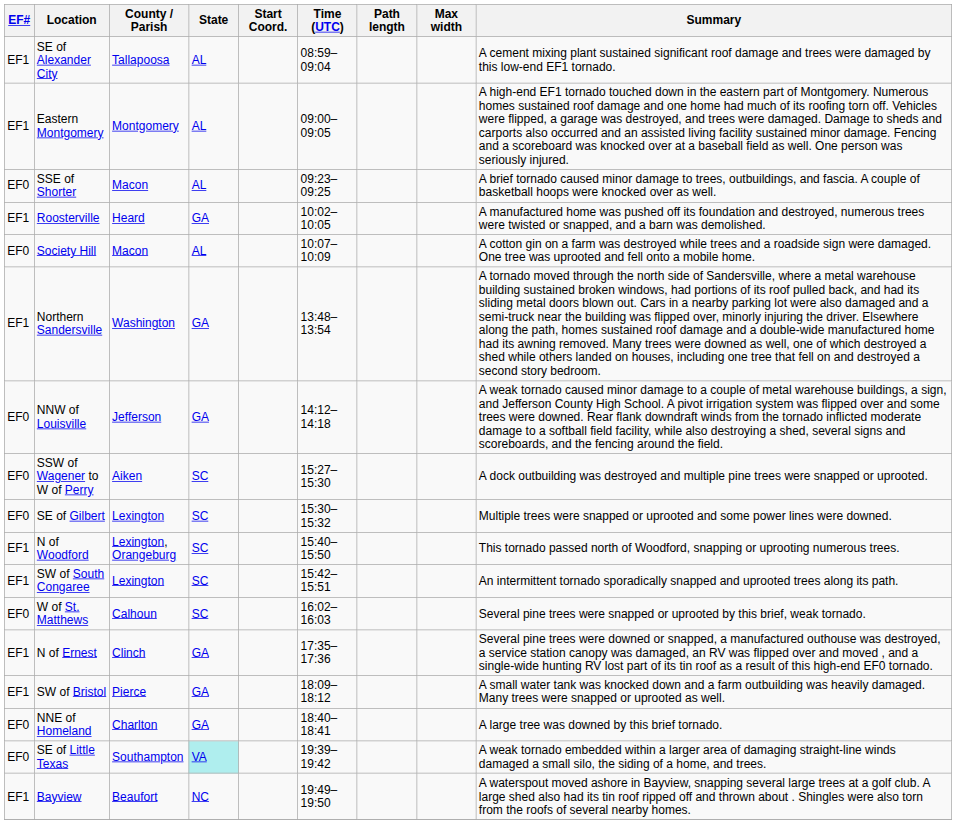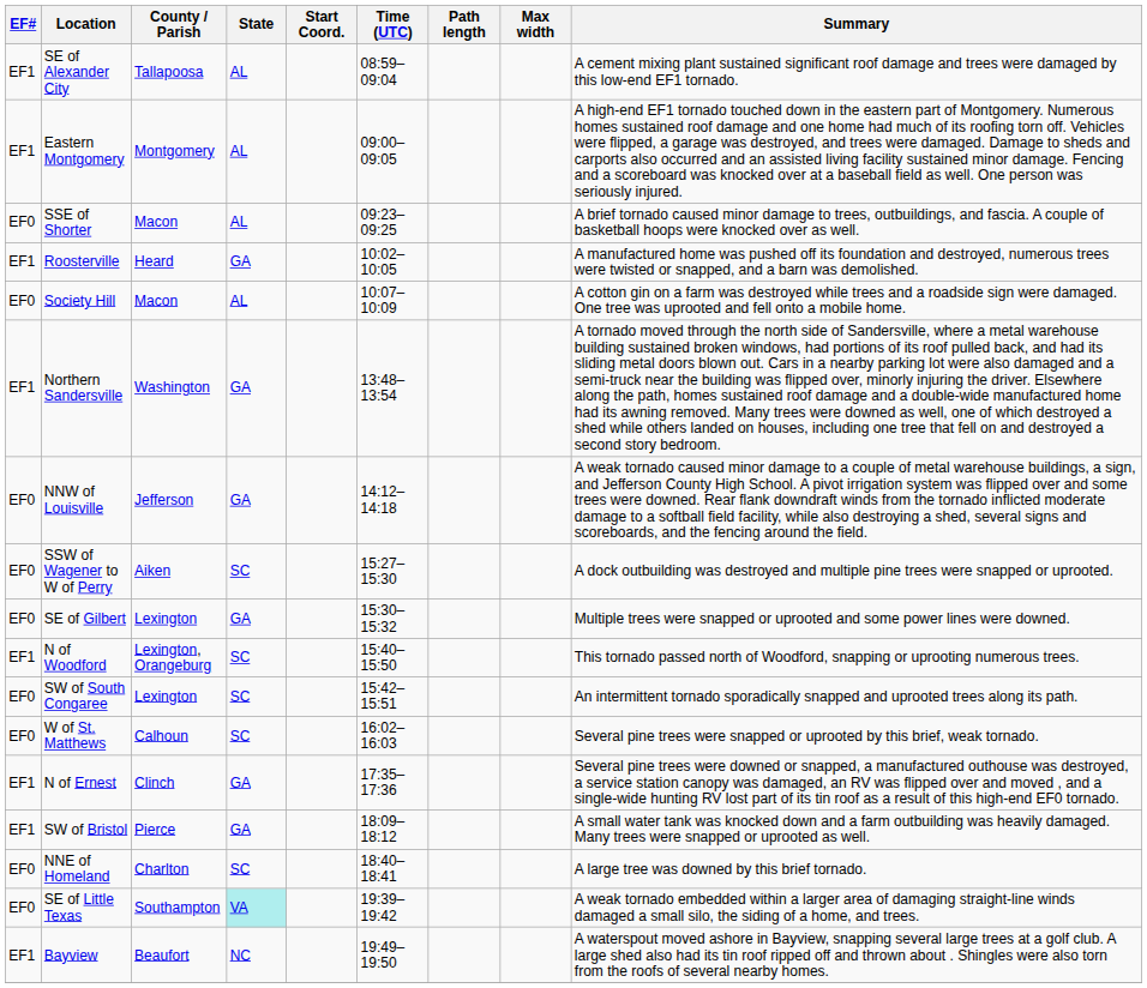 <table class="wikitable sortable" style="width:100%;">
 <tr>
 <th scope="col"  style="width:3%; text-align:center;"><a href='#'>EF#</a></th>
 <th scope="col"  style="width:7%; text-align:center;" class="unsortable">Location</th>
 <th scope="col"  style="width:6%; text-align:center;" class="unsortable">County / Parish</th>
 <th scope="col"  style="width:5%; text-align:center;">State</th>
 <th scope="col"  style="width:6%; text-align:center;">Start Coord.</th>
 <th scope="col"  style="width:6%; text-align:center;">Time (<a href='#'>UTC</a>)</th>
 <th scope="col"  style="width:6%; text-align:center;">Path length</th>
 <th scope="col"  style="width:6%; text-align:center;">Max width</th>
 <th scope="col" class="unsortable" style="width:48%; text-align:center;">Summary</th>
 </tr>
 <tr>
 <td>EF1</td>
 <td>SE of <a href='#'>Alexander City</a></td>
 <td><a href='#'>Tallapoosa</a></td>
 <td><a href='#'>AL</a></td>
 <td></td>
 <td>08:59–09:04</td>
 <td></td>
 <td></td>
 <td>A cement mixing plant sustained significant roof damage and trees were damaged by this low-end EF1 tornado.</td>
 </tr>
 <tr>
 <td>EF1</td>
 <td>Eastern <a href='#'>Montgomery</a></td>
 <td><a href='#'>Montgomery</a></td>
 <td><a href='#'>AL</a></td>
 <td></td>
 <td>09:00–09:05</td>
 <td></td>
 <td></td>
 <td>A high-end EF1 tornado touched down in the eastern part of Montgomery. Numerous homes sustained roof damage and one home had much of its roofing torn off. Vehicles were flipped, a garage was destroyed, and trees were damaged. Damage to sheds and carports also occurred and an assisted living facility sustained minor damage. Fencing and a scoreboard was knocked over at a baseball field as well. One person was seriously injured.</td>
 </tr>
 <tr>
 <td>EF0</td>
 <td>SSE of <a href='#'>Shorter</a></td>
 <td><a href='#'>Macon</a></td>
 <td><a href='#'>AL</a></td>
 <td></td>
 <td>09:23–09:25</td>
 <td></td>
 <td></td>
 <td>A brief tornado caused minor damage to trees, outbuildings, and fascia. A couple of basketball hoops were knocked over as well.</td>
 </tr>
 <tr>
 <td>EF1</td>
 <td><a href='#'>Roosterville</a></td>
 <td><a href='#'>Heard</a></td>
 <td><a href='#'>GA</a></td>
 <td></td>
 <td>10:02–10:05</td>
 <td></td>
 <td></td>
 <td>A manufactured home was pushed off its foundation and destroyed, numerous trees were twisted or snapped, and a barn was demolished.</td>
 </tr>
 <tr>
 <td>EF0</td>
 <td><a href='#'>Society Hill</a></td>
 <td><a href='#'>Macon</a></td>
 <td><a href='#'>AL</a></td>
 <td></td>
 <td>10:07–10:09</td>
 <td></td>
 <td></td>
 <td>A cotton gin on a farm was destroyed while trees and a roadside sign were damaged. One tree was uprooted and fell onto a mobile home.</td>
 </tr>
 <tr>
 <td>EF1</td>
 <td>Northern <a href='#'>Sandersville</a></td>
 <td><a href='#'>Washington</a></td>
 <td><a href='#'>GA</a></td>
 <td></td>
 <td>13:48–13:54</td>
 <td></td>
 <td></td>
 <td>A tornado moved through the north side of Sandersville, where a metal warehouse building sustained broken windows, had portions of its roof pulled back, and had its sliding metal doors blown out. Cars in a nearby parking lot were also damaged and a semi-truck near the building was flipped over, minorly injuring the driver. Elsewhere along the path, homes sustained roof damage and a double-wide manufactured home had its awning removed. Many trees were downed as well, one of which destroyed a shed while others landed on houses, including one tree that fell on and destroyed a second story bedroom.</td>
 </tr>
 <tr>
 <td>EF0</td>
 <td>NNW of <a href='#'>Louisville</a></td>
 <td><a href='#'>Jefferson</a></td>
 <td><a href='#'>GA</a></td>
 <td></td>
 <td>14:12–14:18</td>
 <td></td>
 <td></td>
 <td>A weak tornado caused minor damage to a couple of metal warehouse buildings, a sign, and Jefferson County High School. A pivot irrigation system was flipped over and some trees were downed. Rear flank downdraft winds from the tornado inflicted moderate damage to a softball field facility, while also destroying a shed, several signs and scoreboards, and the fencing around the field.</td>
 </tr>
 <tr>
 <td>EF0</td>
 <td>SSW of <a href='#'>Wagener</a> to W of <a href='#'>Perry</a></td>
 <td><a href='#'>Aiken</a></td>
 <td><a href='#'>SC</a></td>
 <td></td>
 <td>15:27–15:30</td>
 <td></td>
 <td></td>
 <td>A dock outbuilding was destroyed and multiple pine trees were snapped or uprooted.</td>
 </tr>
 <tr>
 <td>EF0</td>
 <td>SE of <a href='#'>Gilbert</a></td>
 <td><a href='#'>Lexington</a></td>
-<td><a href='#'>SC</a></td>
+<td><a href='#'>GA</a></td>
 <td></td>
 <td>15:30–15:32</td>
 <td></td>
 <td></td>
 <td>Multiple trees were snapped or uprooted and some power lines were downed.</td>
 </tr>
 <tr>
 <td>EF1</td>
 <td>N of <a href='#'>Woodford</a></td>
 <td><a href='#'>Lexington</a>, <a href='#'>Orangeburg</a></td>
 <td><a href='#'>SC</a></td>
 <td></td>
 <td>15:40–15:50</td>
 <td></td>
 <td></td>
 <td>This tornado passed north of Woodford, snapping or uprooting numerous trees.</td>
 </tr>
 <tr>
-<td>EF1</td>
+<td>EF0</td>
 <td>SW of <a href='#'>South Congaree</a></td>
 <td><a href='#'>Lexington</a></td>
 <td><a href='#'>SC</a></td>
 <td></td>
 <td>15:42–15:51</td>
 <td></td>
 <td></td>
 <td>An intermittent tornado sporadically snapped and uprooted trees along its path.</td>
 </tr>
 <tr>
 <td>EF0</td>
 <td>W of <a href='#'>St. Matthews</a></td>
 <td><a href='#'>Calhoun</a></td>
 <td><a href='#'>SC</a></td>
 <td></td>
 <td>16:02–16:03</td>
 <td></td>
 <td></td>
 <td>Several pine trees were snapped or uprooted by this brief, weak tornado.</td>
 </tr>
 <tr>
 <td>EF1</td>
 <td>N of <a href='#'>Ernest</a></td>
 <td><a href='#'>Clinch</a></td>
 <td><a href='#'>GA</a></td>
 <td></td>
 <td>17:35–17:36</td>
 <td></td>
 <td></td>
 <td>Several pine trees were downed or snapped, a manufactured outhouse was destroyed, a service station canopy was damaged, an RV was flipped over and moved , and a single-wide hunting RV lost part of its tin roof as a result of this high-end EF0 tornado.</td>
 </tr>
 <tr>
 <td>EF1</td>
 <td>SW of <a href='#'>Bristol</a></td>
 <td><a href='#'>Pierce</a></td>
 <td><a href='#'>GA</a></td>
 <td></td>
 <td>18:09–18:12</td>
 <td></td>
 <td></td>
 <td>A small water tank was knocked down and a farm outbuilding was heavily damaged. Many trees were snapped or uprooted as well.</td>
 </tr>
 <tr>
 <td>EF0</td>
 <td>NNE of <a href='#'>Homeland</a></td>
 <td><a href='#'>Charlton</a></td>
-<td><a href='#'>GA</a></td>
+<td><a href='#'>SC</a></td>
 <td></td>
 <td>18:40–18:41</td>
 <td></td>
 <td></td>
 <td>A large tree was downed by this brief tornado.</td>
 </tr>
 <tr>
 <td>EF0</td>
 <td>SE of <a href='#'>Little Texas</a></td>
 <td><a href='#'>Southampton</a></td>
 <td style="background: paleturquoise;"><a href='#'>VA</a></td>
 <td></td>
 <td>19:39–19:42</td>
 <td></td>
 <td></td>
 <td>A weak tornado embedded within a larger area of damaging straight-line winds damaged a small silo, the siding of a home, and trees.</td>
 </tr>
 <tr>
 <td>EF1</td>
 <td><a href='#'>Bayview</a></td>
 <td><a href='#'>Beaufort</a></td>
 <td><a href='#'>NC</a></td>
 <td></td>
 <td>19:49–19:50</td>
 <td></td>
 <td></td>
 <td>A waterspout moved ashore in Bayview, snapping several large trees at a golf club. A large shed also had its tin roof ripped off and thrown about . Shingles were also torn from the roofs of several nearby homes.</td>
 </tr>
 <tr>
 </tr>
 </table>
